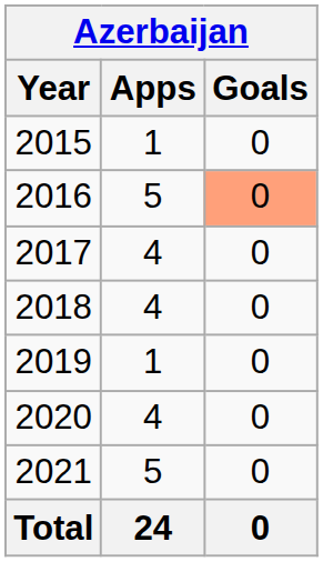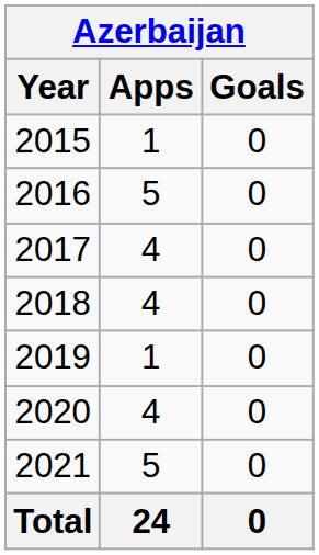 <table class="wikitable" style="text-align:center">
 <tr>
 <th colspan=4><a href='#'>Azerbaijan</a></th>
 </tr>
 <tr>
 <th>Year</th>
 <th>Apps</th>
 <th>Goals</th>
 </tr>
 <tr>
 <td>2015</td>
 <td>1</td>
 <td>0</td>
 </tr>
 <tr>
 <td>2016</td>
 <td>5</td>
-<td style="background: lightsalmon;">0</td>
+<td>0</td>
 </tr>
 <tr>
 <td>2017</td>
 <td>4</td>
 <td>0</td>
 </tr>
 <tr>
 <td>2018</td>
 <td>4</td>
 <td>0</td>
 </tr>
 <tr>
 <td>2019</td>
 <td>1</td>
 <td>0</td>
 </tr>
 <tr>
 <td>2020</td>
 <td>4</td>
 <td>0</td>
 </tr>
 <tr>
 <td>2021</td>
 <td>5</td>
 <td>0</td>
 </tr>
 <tr>
 <th>Total</th>
 <th>24</th>
 <th>0</th>
 </tr>
 </table>
